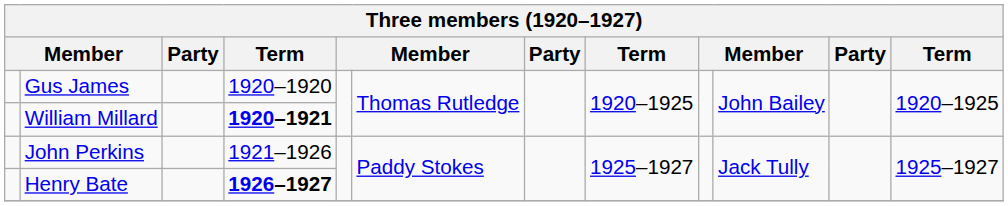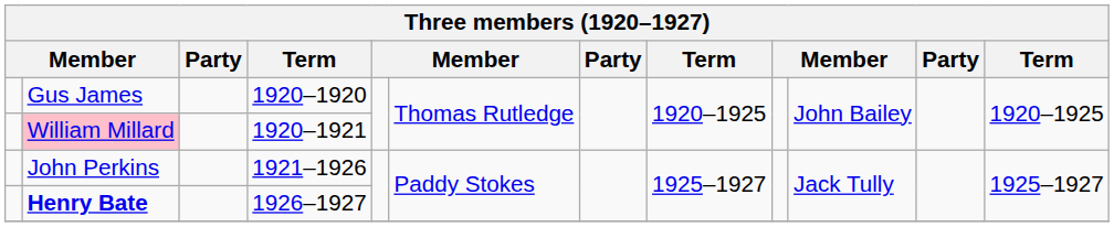 <table class="wikitable">
 <tr>
 <th colspan="12">Three members (1920–1927)</th>
 </tr>
 <tr>
 <th colspan="2">Member</th>
 <th>Party</th>
 <th>Term</th>
 <th colspan="2">Member</th>
 <th>Party</th>
 <th>Term</th>
 <th colspan="2">Member</th>
 <th>Party</th>
 <th>Term</th>
 </tr>
 <tr>
 <td> </td>
 <td><a href='#'>Gus James</a></td>
 <td></td>
 <td><a href='#'>1920</a>–1920</td>
 <td rowspan="3" > </td>
 <td rowspan="3"><a href='#'>Thomas Rutledge</a></td>
 <td rowspan="3"></td>
 <td rowspan="3"><a href='#'>1920</a>–1925</td>
 <td rowspan="3" > </td>
 <td rowspan="3"><a href='#'>John Bailey</a></td>
 <td rowspan="3"></td>
 <td rowspan="3"><a href='#'>1920</a>–1925</td>
 </tr>
 <tr>
 <td> </td>
-<td><a href='#'>William Millard</a></td>
+<td style="background: pink;"><a href='#'>William Millard</a></td>
 <td></td>
-<td><strong><a href='#'>1920</a>–1921</strong></td>
+<td><a href='#'>1920</a>–1921</td>
 </tr>
 <tr>
 <td rowspan="2" > </td>
 <td rowspan="2"><a href='#'>John Perkins</a></td>
 <td rowspan="2"></td>
 <td rowspan="2"><a href='#'>1921</a>–1926</td>
 </tr>
 <tr>
 <td rowspan="2" > </td>
 <td rowspan="2"><a href='#'>Paddy Stokes</a></td>
 <td rowspan="2"></td>
 <td rowspan="2"><a href='#'>1925</a>–1927</td>
 <td rowspan="2" > </td>
 <td rowspan="2"><a href='#'>Jack Tully</a></td>
 <td rowspan="2"></td>
 <td rowspan="2"><a href='#'>1925</a>–1927</td>
 </tr>
 <tr>
 <td> </td>
-<td><a href='#'>Henry Bate</a></td>
+<td><strong><a href='#'>Henry Bate</a></strong></td>
 <td></td>
-<td><strong><a href='#'>1926</a>–1927</strong></td>
+<td><a href='#'>1926</a>–1927</td>
 </tr>
 <tr>
 </tr>
 </table>
